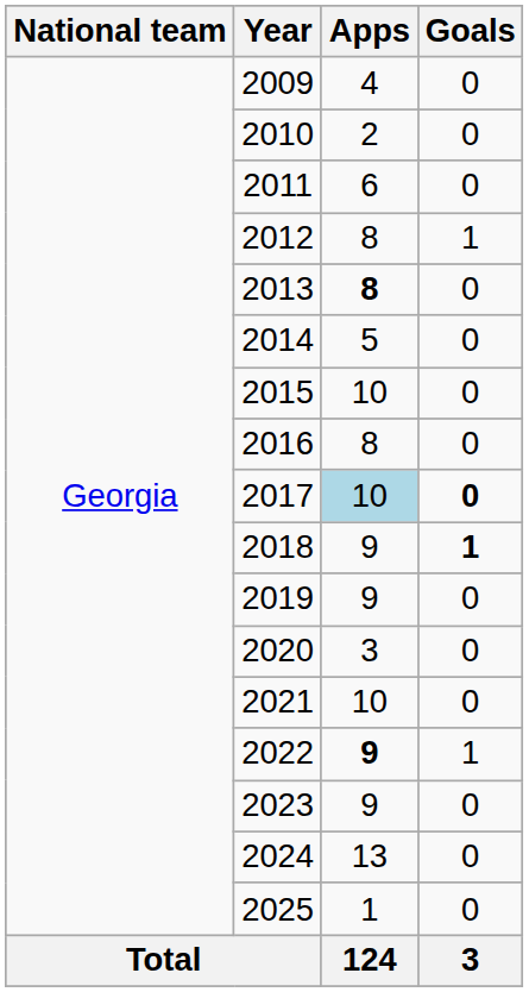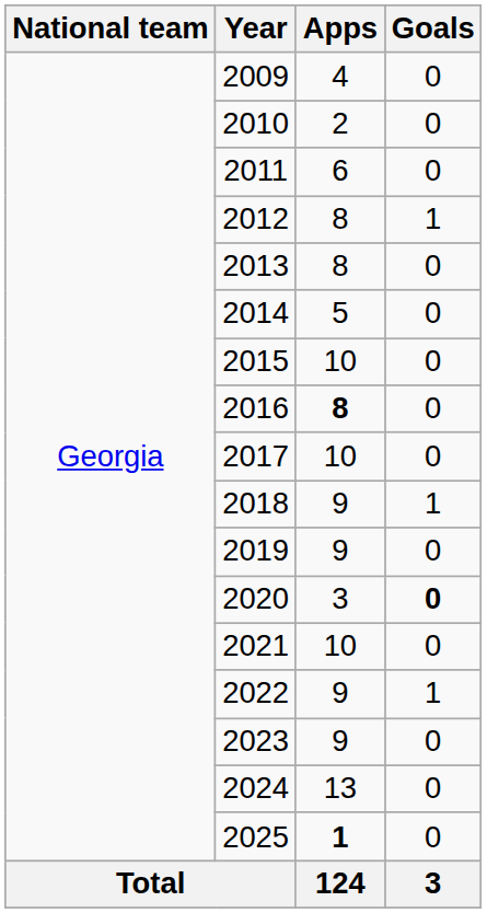 <table class="wikitable" style="text-align:center">
 <tr>
 <th>National team</th>
 <th>Year</th>
 <th>Apps</th>
 <th>Goals</th>
 </tr>
 <tr>
 <td rowspan="17"><a href='#'>Georgia</a></td>
 <td>2009</td>
 <td>4</td>
 <td>0</td>
 </tr>
 <tr>
 <td>2010</td>
 <td>2</td>
 <td>0</td>
 </tr>
 <tr>
 <td>2011</td>
 <td>6</td>
 <td>0</td>
 </tr>
 <tr>
 <td>2012</td>
 <td>8</td>
 <td>1</td>
 </tr>
 <tr>
 <td>2013</td>
-<td><strong>8</strong></td>
+<td>8</td>
 <td>0</td>
 </tr>
 <tr>
 <td>2014</td>
 <td>5</td>
 <td>0</td>
 </tr>
 <tr>
 <td>2015</td>
 <td>10</td>
 <td>0</td>
 </tr>
 <tr>
 <td>2016</td>
-<td>8</td>
+<td><strong>8</strong></td>
 <td>0</td>
 </tr>
 <tr>
 <td>2017</td>
-<td style="background: lightblue;">10</td>
-<td><strong>0</strong></td>
+<td>10</td>
+<td>0</td>
 </tr>
 <tr>
 <td>2018</td>
 <td>9</td>
-<td><strong>1</strong></td>
+<td>1</td>
 </tr>
 <tr>
 <td>2019</td>
 <td>9</td>
 <td>0</td>
 </tr>
 <tr>
 <td>2020</td>
 <td>3</td>
-<td>0</td>
+<td><strong>0</strong></td>
 </tr>
 <tr>
 <td>2021</td>
 <td>10</td>
 <td>0</td>
 </tr>
 <tr>
 <td>2022</td>
-<td><strong>9</strong></td>
+<td>9</td>
 <td>1</td>
 </tr>
 <tr>
 <td>2023</td>
 <td>9</td>
 <td>0</td>
 </tr>
 <tr>
 <td>2024</td>
 <td>13</td>
 <td>0</td>
 </tr>
 <tr>
 <td>2025</td>
-<td>1</td>
+<td><strong>1</strong></td>
 <td>0</td>
 </tr>
 <tr>
 <th colspan="2">Total</th>
 <th>124</th>
 <th>3</th>
 </tr>
 </table>
